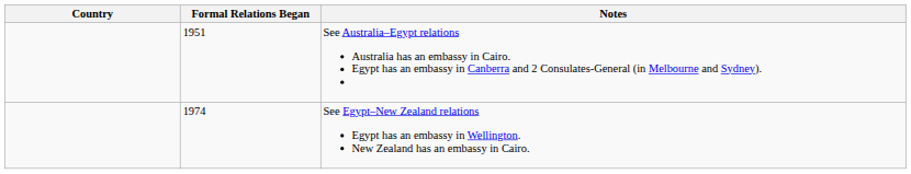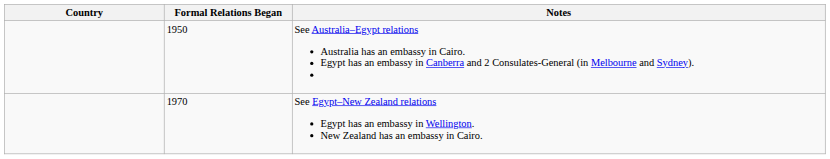 <table class="wikitable sortable" style="width:100%; margin:auto;">
 <tr>
 <th style="width:15%;">Country</th>
 <th style="width:12%;">Formal Relations Began</th>
 <th style="width:50%;">Notes</th>
 </tr>
 <tr valign="top">
 <td></td>
-<td> 1951</td>
+<td> 1950</td>
 <td>See <a href='#'>Australia–Egypt relations</a><br><ul><li>Australia has an embassy in Cairo.</li><li>Egypt has an embassy in <a href='#'>Canberra</a> and 2 Consulates-General (in <a href='#'>Melbourne</a> and <a href='#'>Sydney</a>).</li><li></li></ul></td>
 </tr>
 <tr valign="top">
 <td></td>
-<td>1974</td>
+<td>1970</td>
 <td>See <a href='#'>Egypt–New Zealand relations</a><br><ul><li>Egypt has an embassy in <a href='#'>Wellington</a>.</li><li>New Zealand has an embassy in Cairo.</li></ul></td>
 </tr>
 </table>
